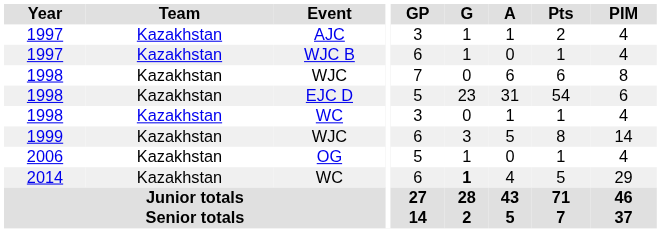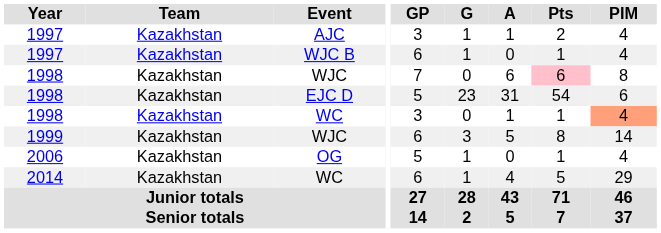 <table border="0" cellpadding="1" cellspacing="0" ID="Table3" style="text-align:center; width:40em">
 <tr bgcolor="#e0e0e0">
 <th>Year</th>
 <th>Team</th>
 <th>Event</th>
 <th rowspan="102" bgcolor="#ffffff"></th>
 <th>GP</th>
 <th>G</th>
 <th>A</th>
 <th>Pts</th>
 <th>PIM</th>
 </tr>
 <tr>
 <td><a href='#'>1997</a></td>
 <td><a href='#'>Kazakhstan</a></td>
 <td><a href='#'>AJC</a></td>
 <td>3</td>
 <td>1</td>
 <td>1</td>
 <td>2</td>
 <td>4</td>
 </tr>
 <tr bgcolor="#f0f0f0">
 <td><a href='#'>1997</a></td>
 <td><a href='#'>Kazakhstan</a></td>
 <td><a href='#'>WJC B</a></td>
 <td>6</td>
 <td>1</td>
 <td>0</td>
 <td>1</td>
 <td>4</td>
 </tr>
 <tr>
 <td><a href='#'>1998</a></td>
 <td>Kazakhstan</td>
 <td>WJC</td>
 <td>7</td>
 <td>0</td>
 <td>6</td>
-<td>6</td>
+<td style="background: pink;">6</td>
 <td>8</td>
 </tr>
 <tr bgcolor="#f0f0f0">
 <td><a href='#'>1998</a></td>
 <td>Kazakhstan</td>
 <td><a href='#'>EJC D</a></td>
 <td>5</td>
 <td>23</td>
 <td>31</td>
 <td>54</td>
 <td>6</td>
 </tr>
 <tr>
 <td><a href='#'>1998</a></td>
 <td><a href='#'>Kazakhstan</a></td>
 <td><a href='#'>WC</a></td>
 <td>3</td>
 <td>0</td>
 <td>1</td>
 <td>1</td>
-<td>4</td>
+<td style="background: lightsalmon;">4</td>
 </tr>
 <tr bgcolor="#f0f0f0">
 <td><a href='#'>1999</a></td>
 <td>Kazakhstan</td>
 <td>WJC</td>
 <td>6</td>
 <td>3</td>
 <td>5</td>
 <td>8</td>
 <td>14</td>
 </tr>
 <tr>
 <td><a href='#'>2006</a></td>
 <td>Kazakhstan</td>
 <td><a href='#'>OG</a></td>
 <td>5</td>
 <td>1</td>
 <td>0</td>
 <td>1</td>
 <td>4</td>
 </tr>
 <tr bgcolor="#f0f0f0">
 <td><a href='#'>2014</a></td>
 <td>Kazakhstan</td>
 <td>WC</td>
 <td>6</td>
-<td><strong>1</strong></td>
+<td>1</td>
 <td>4</td>
 <td>5</td>
 <td>29</td>
 </tr>
 <tr bgcolor="#e0e0e0">
 <th colspan=3>Junior totals</th>
 <th>27</th>
 <th>28</th>
 <th>43</th>
 <th>71</th>
 <th>46</th>
 </tr>
 <tr bgcolor="#e0e0e0">
 <th colspan=3>Senior totals</th>
 <th>14</th>
 <th>2</th>
 <th>5</th>
 <th>7</th>
 <th>37</th>
 </tr>
 </table>
